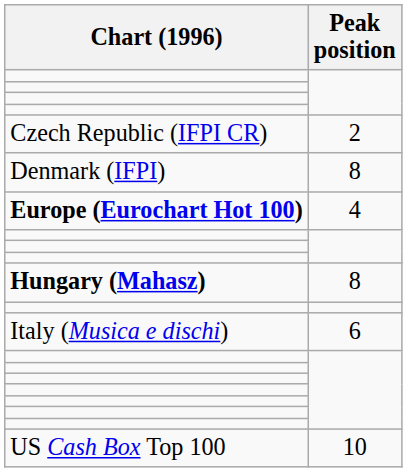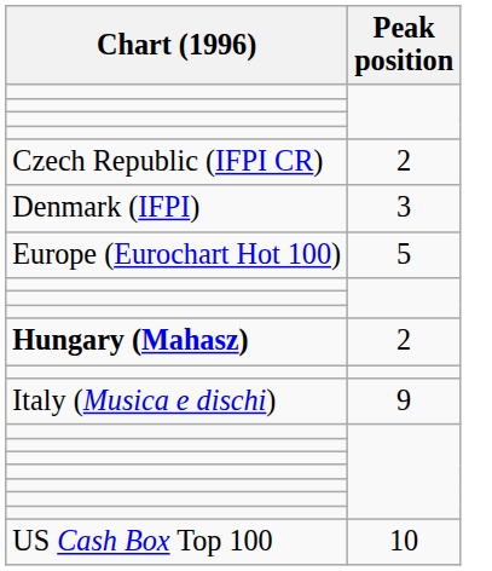 <table class="wikitable sortable">
 <tr>
 <th>Chart (1996)</th>
 <th>Peak<br>position</th>
 </tr>
 <tr>
 <td></td>
 </tr>
 <tr>
 <td></td>
 </tr>
 <tr>
 <td></td>
 </tr>
 <tr>
 <td></td>
 </tr>
 <tr>
 <td>Czech Republic (<a href='#'>IFPI CR</a>)</td>
 <td style="text-align:center;">2</td>
 </tr>
 <tr>
 <td>Denmark (<a href='#'>IFPI</a>)</td>
-<td style="text-align:center;">8</td>
+<td style="text-align:center;">3</td>
 </tr>
 <tr>
-<td><strong>Europe (<a href='#'>Eurochart Hot 100</a>)</strong></td>
-<td style="text-align:center;">4</td>
+<td>Europe (<a href='#'>Eurochart Hot 100</a>)</td>
+<td style="text-align:center;">5</td>
 </tr>
 <tr>
 <td></td>
 </tr>
 <tr>
 <td></td>
 </tr>
 <tr>
 <td></td>
 </tr>
 <tr>
 <td><strong>Hungary (<a href='#'>Mahasz</a>)</strong></td>
-<td style="text-align:center;">8</td>
+<td style="text-align:center;">2</td>
 </tr>
 <tr>
 <td></td>
 </tr>
 <tr>
 <td>Italy (<em><a href='#'>Musica e dischi</a></em>)</td>
-<td style="text-align:center;">6</td>
+<td style="text-align:center;">9</td>
 </tr>
 <tr>
 <td></td>
 </tr>
 <tr>
 <td></td>
 </tr>
 <tr>
 <td></td>
 </tr>
 <tr>
 <td></td>
 </tr>
 <tr>
 <td></td>
 </tr>
 <tr>
 <td></td>
 </tr>
 <tr>
 <td></td>
 </tr>
 <tr>
 <td>US <em><a href='#'>Cash Box</a></em> Top 100</td>
 <td style="text-align:center;">10</td>
 </tr>
 </table>
